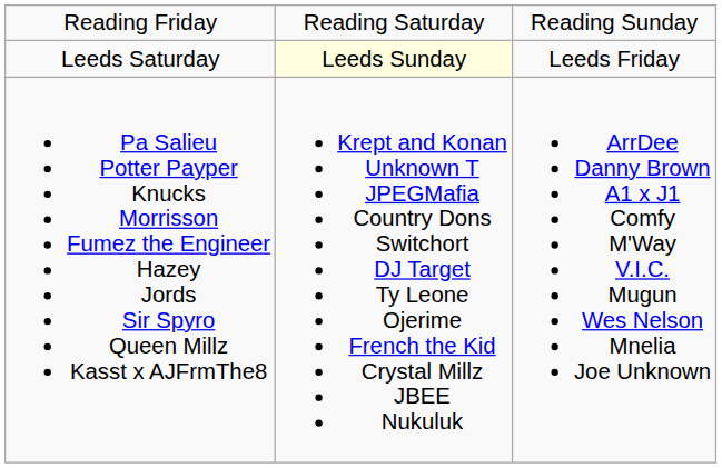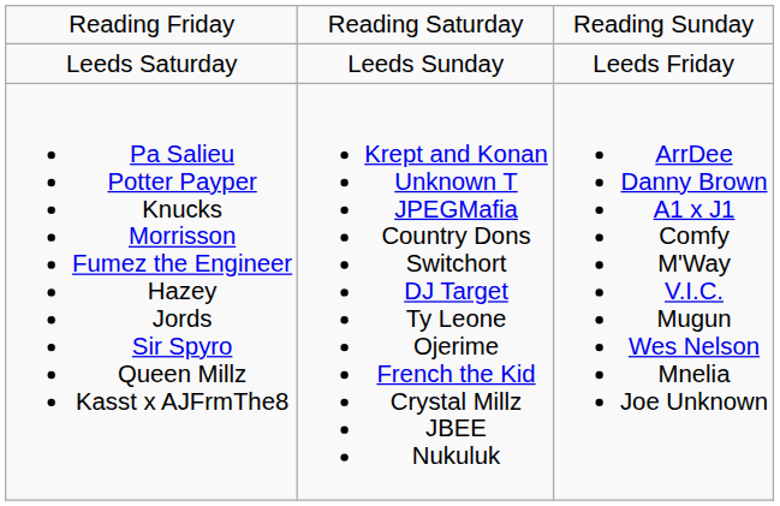 <table class="wikitable" style="text-align:center;">
 <tr>
 <td>Reading Friday</td>
 <td>Reading Saturday</td>
 <td>Reading Sunday</td>
 </tr>
 <tr>
 <td>Leeds Saturday</td>
-<td style="background: lightyellow;">Leeds Sunday</td>
+<td>Leeds Sunday</td>
 <td>Leeds Friday</td>
 </tr>
 <tr>
 <td valign="top"><br><ul><li><a href='#'>Pa Salieu</a></li><li><a href='#'>Potter Payper</a></li><li>Knucks</li><li><a href='#'>Morrisson</a></li><li><a href='#'>Fumez the Engineer</a></li><li>Hazey</li><li>Jords</li><li><a href='#'>Sir Spyro</a></li><li>Queen Millz</li><li>Kasst x AJFrmThe8</li></ul></td>
 <td valign="top"><br><ul><li><a href='#'>Krept and Konan</a></li><li><a href='#'>Unknown T</a></li><li><a href='#'>JPEGMafia</a></li><li>Country Dons</li><li>Switchort</li><li><a href='#'>DJ Target</a></li><li>Ty Leone</li><li>Ojerime</li><li><a href='#'>French the Kid</a></li><li>Crystal Millz</li><li>JBEE</li><li>Nukuluk</li></ul></td>
 <td valign="top"><br><ul><li><a href='#'>ArrDee</a></li><li><a href='#'>Danny Brown</a></li><li><a href='#'>A1 x J1</a></li><li>Comfy</li><li>M'Way</li><li><a href='#'>V.I.C.</a></li><li>Mugun</li><li><a href='#'>Wes Nelson</a></li><li>Mnelia</li><li>Joe Unknown</li></ul></td>
 </tr>
 </table>
